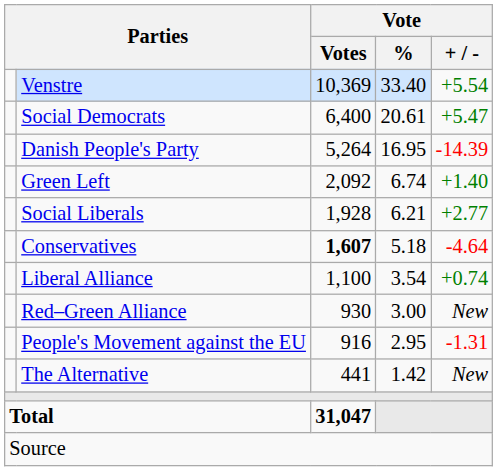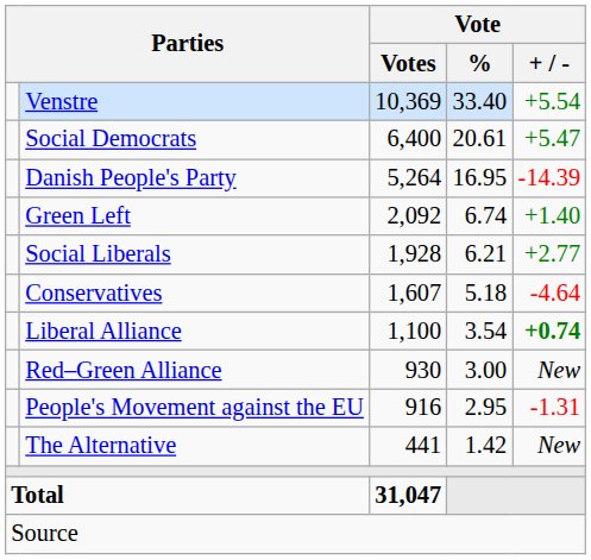 <table class="wikitable" style="text-align:right;">
 <tr>
 <th style="text-align:centre;" rowspan="2" colspan="2" width="225">Parties</th>
 <th colspan="3">Vote</th>
 </tr>
 <tr>
 <th width="15">Votes</th>
 <th width="15">%</th>
 <th width="15">+ / -</th>
 </tr>
 <tr>
 <td width="2" style="color:inherit;background:"></td>
 <td bgcolor=#cfe5fe   align="left"><a href='#'>Venstre</a></td>
 <td bgcolor=#cfe5fe>10,369</td>
 <td bgcolor=#cfe5fe>33.40</td>
 <td style=color:green;>+5.54</td>
 </tr>
 <tr>
 <td width="2" style="color:inherit;background:"></td>
 <td align="left"><a href='#'>Social Democrats</a></td>
 <td>6,400</td>
 <td>20.61</td>
 <td style=color:green;>+5.47</td>
 </tr>
 <tr>
 <td width="2" style="color:inherit;background:"></td>
 <td align="left"><a href='#'>Danish People's Party</a></td>
 <td>5,264</td>
 <td>16.95</td>
 <td style=color:red;>-14.39</td>
 </tr>
 <tr>
 <td width="2" style="color:inherit;background:"></td>
 <td align="left"><a href='#'>Green Left</a></td>
 <td>2,092</td>
 <td>6.74</td>
 <td style=color:green;>+1.40</td>
 </tr>
 <tr>
 <td width="2" style="color:inherit;background:"></td>
 <td align="left"><a href='#'>Social Liberals</a></td>
 <td>1,928</td>
 <td>6.21</td>
 <td style=color:green;>+2.77</td>
 </tr>
 <tr>
 <td width="2" style="color:inherit;background:"></td>
 <td align="left"><a href='#'>Conservatives</a></td>
-<td><strong>1,607</strong></td>
+<td>1,607</td>
 <td>5.18</td>
 <td style=color:red;>-4.64</td>
 </tr>
 <tr>
 <td width="2" style="color:inherit;background:"></td>
 <td align="left"><a href='#'>Liberal Alliance</a></td>
 <td>1,100</td>
 <td>3.54</td>
-<td style=color:green;>+0.74</td>
+<td style=color:green;><strong>+0.74</strong></td>
 </tr>
 <tr>
 <td width="2" style="color:inherit;background:"></td>
 <td align="left"><a href='#'>Red–Green Alliance</a></td>
 <td>930</td>
 <td>3.00</td>
 <td><em>New</em></td>
 </tr>
 <tr>
 <td width="2" style="color:inherit;background:"></td>
 <td align="left"><a href='#'>People's Movement against the EU</a></td>
 <td>916</td>
 <td>2.95</td>
 <td style=color:red;>-1.31</td>
 </tr>
 <tr>
 <td width="2" style="color:inherit;background:"></td>
 <td align="left"><a href='#'>The Alternative</a></td>
 <td>441</td>
 <td>1.42</td>
 <td><em>New</em></td>
 </tr>
 <tr>
 <td colspan="7" bgcolor="#E9E9E9"></td>
 </tr>
 <tr>
 <td align="left" colspan="2"><strong>Total</strong></td>
 <td><strong>31,047</strong></td>
 <td bgcolor="#E9E9E9" colspan="2"></td>
 </tr>
 <tr>
 <td align="left" colspan="6">Source</td>
 </tr>
 </table>
